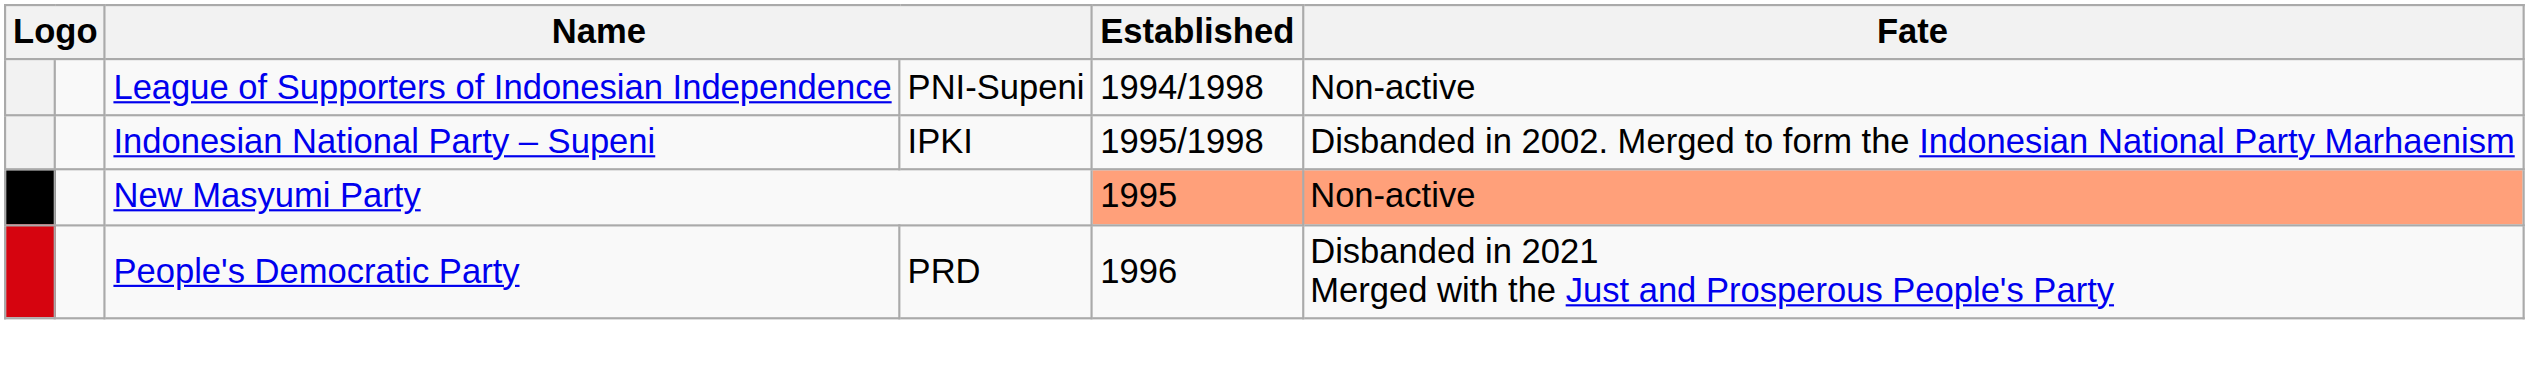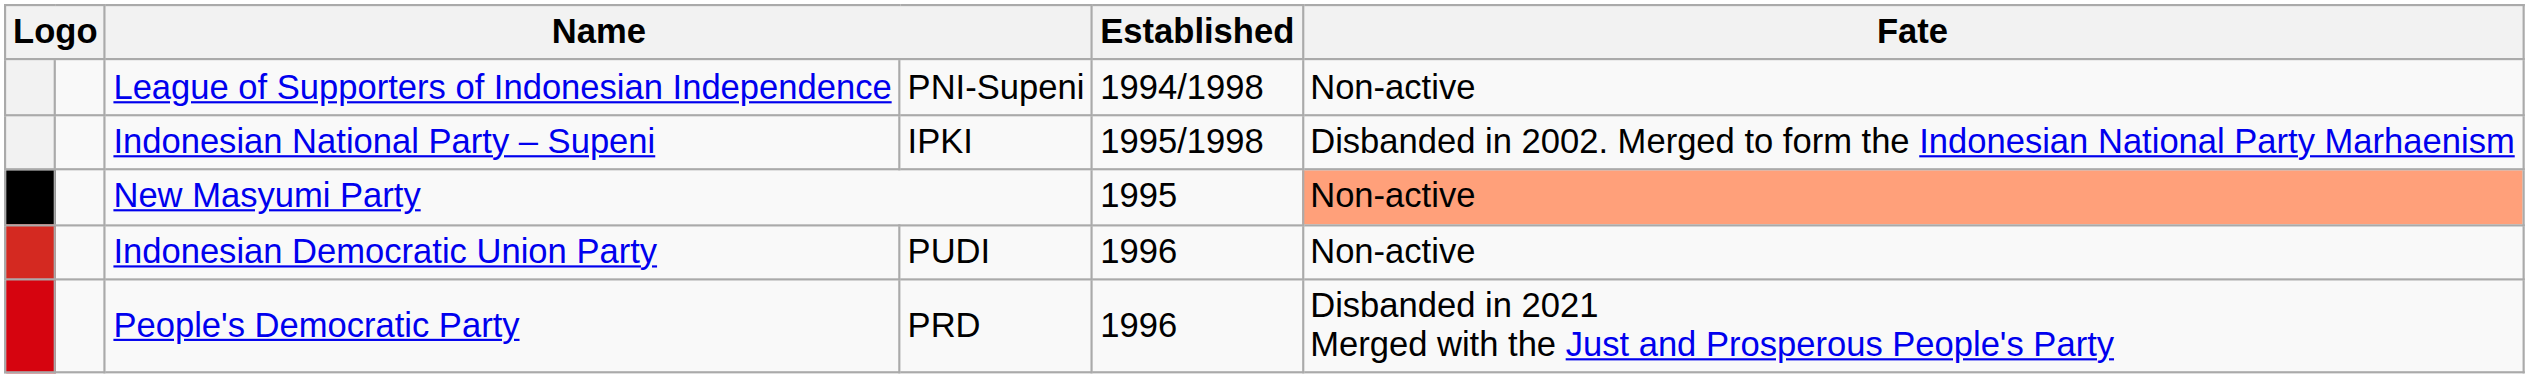 <table class="wikitable sortable">
 <tr>
 <th colspan="2" scope="col" class="unsortable">Logo</th>
 <th colspan="2" width="250">Name</th>
 <th scope="col">Established</th>
 <th>Fate</th>
 </tr>
 <tr>
 <th style="background-color:"></th>
 <td></td>
 <td scope="row"><a href='#'>League of Supporters of Indonesian Independence</a> <br></td>
 <td>PNI-Supeni</td>
 <td>1994/1998</td>
 <td>Non-active</td>
 </tr>
 <tr>
 <th style="background-color:"></th>
 <td></td>
 <td scope="row"><a href='#'>Indonesian National Party – Supeni</a> <br></td>
 <td>IPKI</td>
 <td>1995/1998</td>
 <td>Disbanded in 2002. Merged to form the <a href='#'>Indonesian National Party Marhaenism</a></td>
 </tr>
 <tr>
 <th style="background-color:#000000"></th>
 <td></td>
 <td colspan="2" scope="row"><a href='#'>New Masyumi Party</a><br></td>
-<td style="background: lightsalmon;">1995</td>
+<td>1995</td>
 <td style="background: lightsalmon;">Non-active</td>
+</tr>
+<tr>
+<th style="background-color:#d42921"></th>
+<td></td>
+<td scope="row"><a href='#'>Indonesian Democratic Union Party</a><br></td>
+<td>PUDI</td>
+<td>1996</td>
+<td>Non-active</td>
 </tr>
 <tr>
 <th style="background-color:#D6040F"></th>
 <td></td>
 <td scope="row"><a href='#'>People's Democratic Party</a><br></td>
 <td>PRD</td>
 <td>1996</td>
 <td>Disbanded in 2021<br>Merged with the <a href='#'>Just and Prosperous People's Party</a></td>
 </tr>
 </table>
